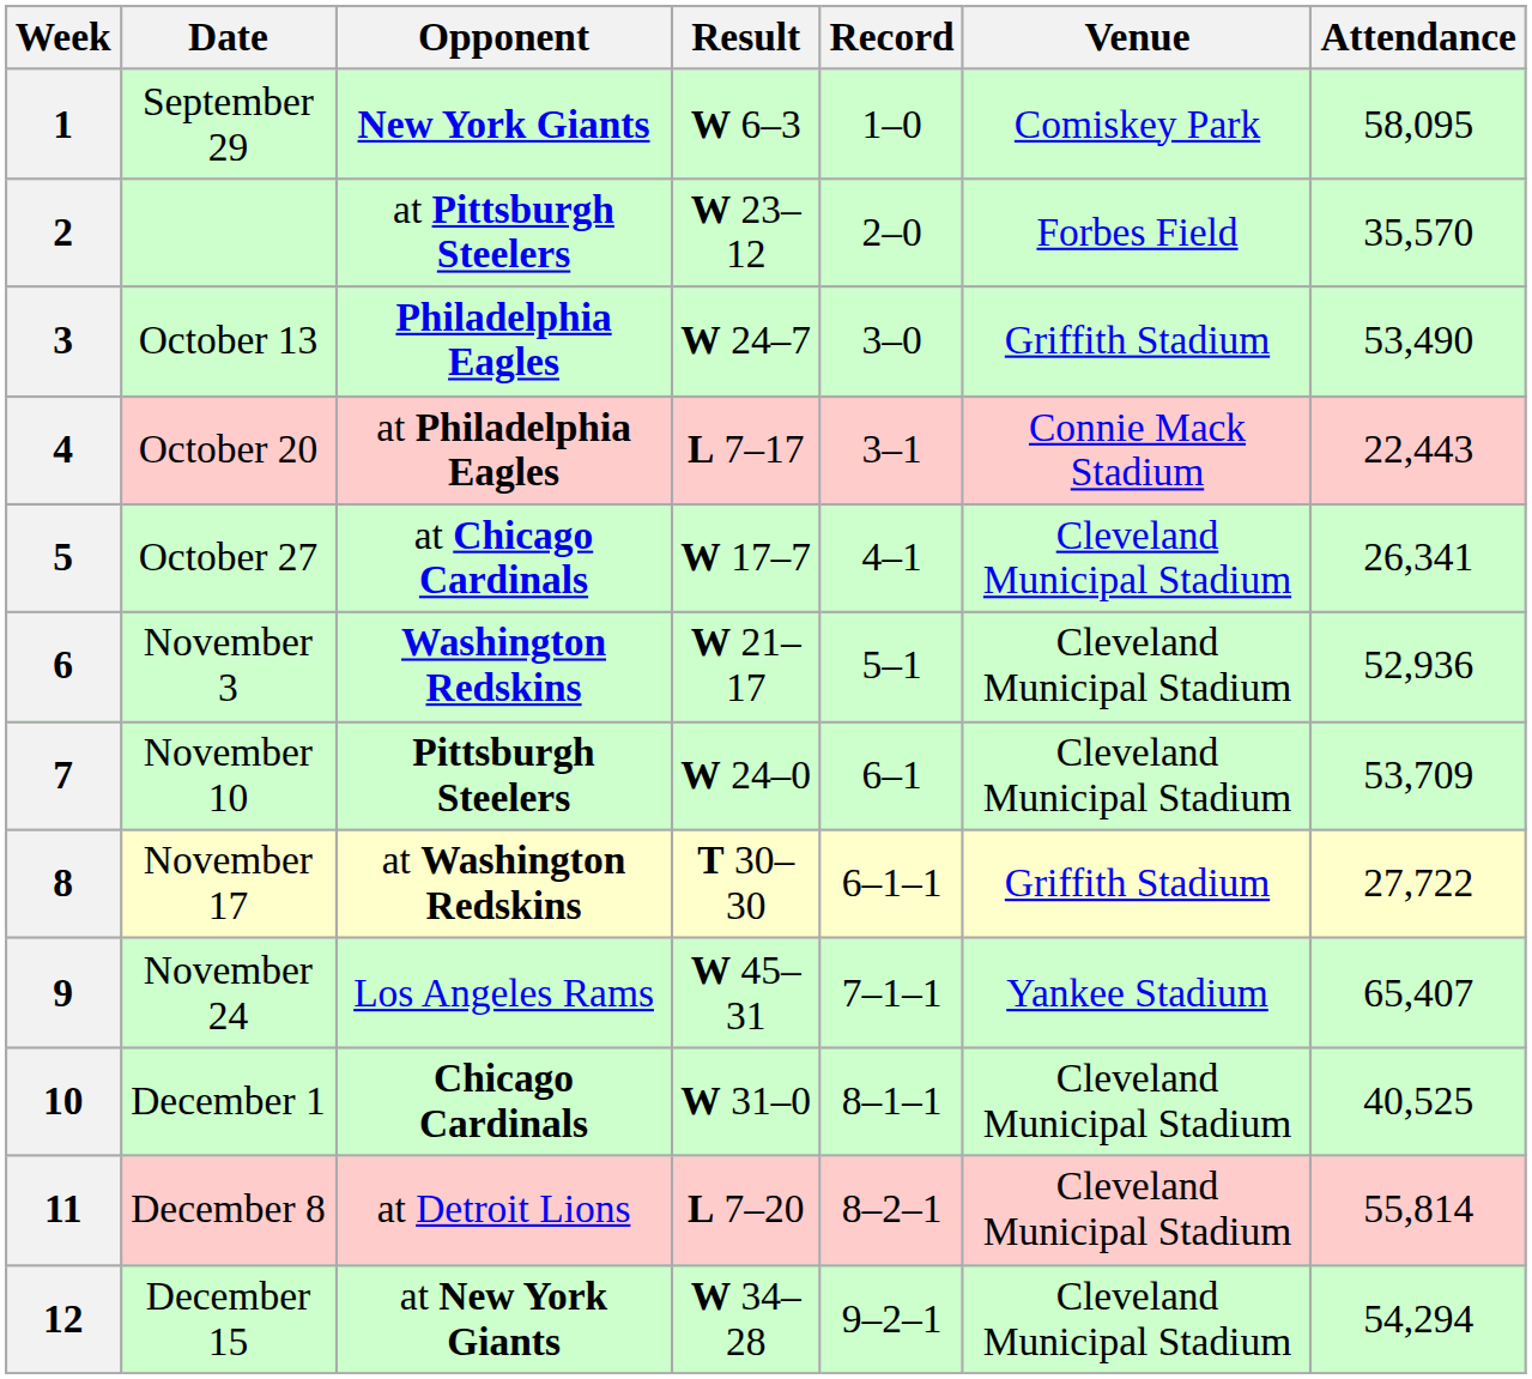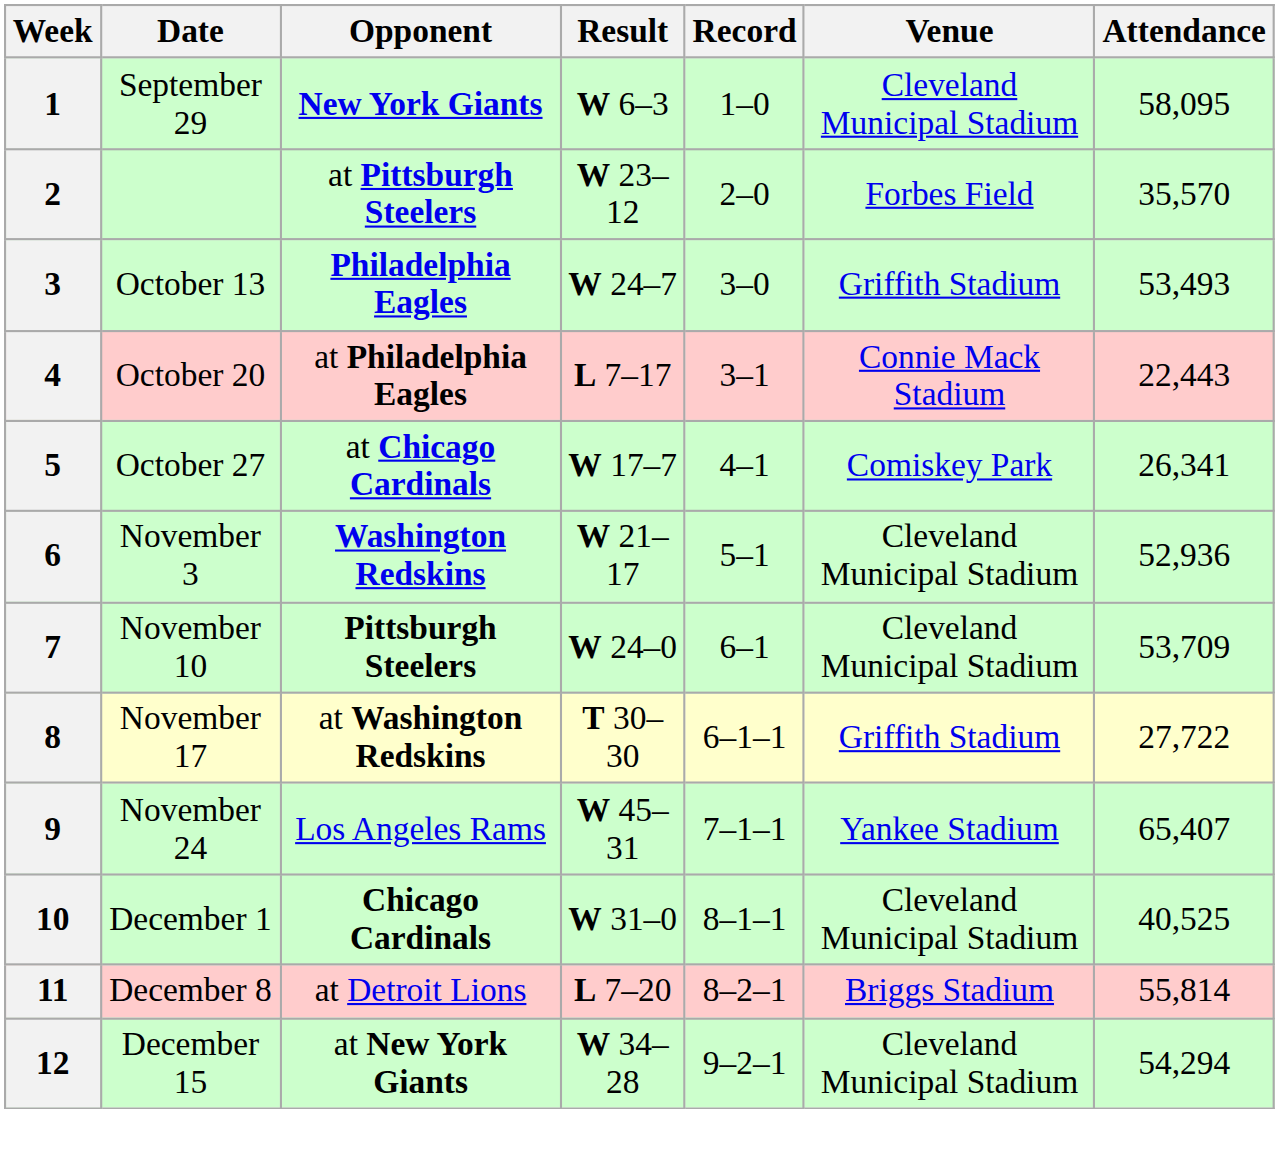 <table class="wikitable" style="text-align:center">
 <tr>
 <th>Week</th>
 <th>Date</th>
 <th>Opponent</th>
 <th>Result</th>
 <th>Record</th>
 <th>Venue</th>
 <th>Attendance</th>
 </tr>
 <tr style="background:#cfc">
 <th>1</th>
 <td>September 29</td>
 <td><strong><a href='#'>New York Giants</a></strong></td>
 <td><strong>W</strong> 6–3</td>
 <td>1–0</td>
-<td><a href='#'>Comiskey Park</a></td>
+<td><a href='#'>Cleveland Municipal Stadium</a></td>
 <td>58,095</td>
 </tr>
 <tr style="background:#cfc">
 <th>2</th>
 <td></td>
 <td>at <strong><a href='#'>Pittsburgh Steelers</a></strong></td>
 <td><strong>W</strong> 23–12</td>
 <td>2–0</td>
 <td><a href='#'>Forbes Field</a></td>
 <td>35,570</td>
 </tr>
 <tr style="background:#cfc">
 <th>3</th>
 <td>October 13</td>
 <td><strong><a href='#'>Philadelphia Eagles</a></strong></td>
 <td><strong>W</strong> 24–7</td>
 <td>3–0</td>
 <td><a href='#'>Griffith Stadium</a></td>
-<td>53,490</td>
+<td>53,493</td>
 </tr>
 <tr style="background:#fcc">
 <th>4</th>
 <td>October 20</td>
 <td>at <strong>Philadelphia Eagles</strong></td>
 <td><strong>L</strong> 7–17</td>
 <td>3–1</td>
 <td><a href='#'>Connie Mack Stadium</a></td>
 <td>22,443</td>
 </tr>
 <tr style="background:#cfc">
 <th>5</th>
 <td>October 27</td>
 <td>at <strong><a href='#'>Chicago Cardinals</a></strong></td>
 <td><strong>W</strong> 17–7</td>
 <td>4–1</td>
-<td><a href='#'>Cleveland Municipal Stadium</a></td>
+<td><a href='#'>Comiskey Park</a></td>
 <td>26,341</td>
 </tr>
 <tr style="background:#cfc">
 <th>6</th>
 <td>November 3</td>
 <td><strong><a href='#'>Washington Redskins</a></strong></td>
 <td><strong>W</strong> 21–17</td>
 <td>5–1</td>
 <td>Cleveland Municipal Stadium</td>
 <td>52,936</td>
 </tr>
 <tr style="background:#cfc">
 <th>7</th>
 <td>November 10</td>
 <td><strong>Pittsburgh Steelers</strong></td>
 <td><strong>W</strong> 24–0</td>
 <td>6–1</td>
 <td>Cleveland Municipal Stadium</td>
 <td>53,709</td>
 </tr>
 <tr style="background:#ffc">
 <th>8</th>
 <td>November 17</td>
 <td>at <strong>Washington Redskins</strong></td>
 <td><strong>T</strong> 30–30</td>
 <td>6–1–1</td>
 <td><a href='#'>Griffith Stadium</a></td>
 <td>27,722</td>
 </tr>
 <tr style="background:#cfc">
 <th>9</th>
 <td>November 24</td>
 <td><a href='#'>Los Angeles Rams</a></td>
 <td><strong>W</strong> 45–31</td>
 <td>7–1–1</td>
 <td><a href='#'>Yankee Stadium</a></td>
 <td>65,407</td>
 </tr>
 <tr style="background:#cfc">
 <th>10</th>
 <td>December 1</td>
 <td><strong>Chicago Cardinals</strong></td>
 <td><strong>W</strong> 31–0</td>
 <td>8–1–1</td>
 <td>Cleveland Municipal Stadium</td>
 <td>40,525</td>
 </tr>
 <tr style="background:#fcc">
 <th>11</th>
 <td>December 8</td>
 <td>at <a href='#'>Detroit Lions</a></td>
 <td><strong>L</strong> 7–20</td>
 <td>8–2–1</td>
-<td>Cleveland Municipal Stadium</td>
+<td><a href='#'>Briggs Stadium</a></td>
 <td>55,814</td>
 </tr>
 <tr style="background:#cfc">
 <th>12</th>
 <td>December 15</td>
 <td>at <strong>New York Giants</strong></td>
 <td><strong>W</strong> 34–28</td>
 <td>9–2–1</td>
 <td>Cleveland Municipal Stadium</td>
 <td>54,294</td>
 </tr>
 </table>
